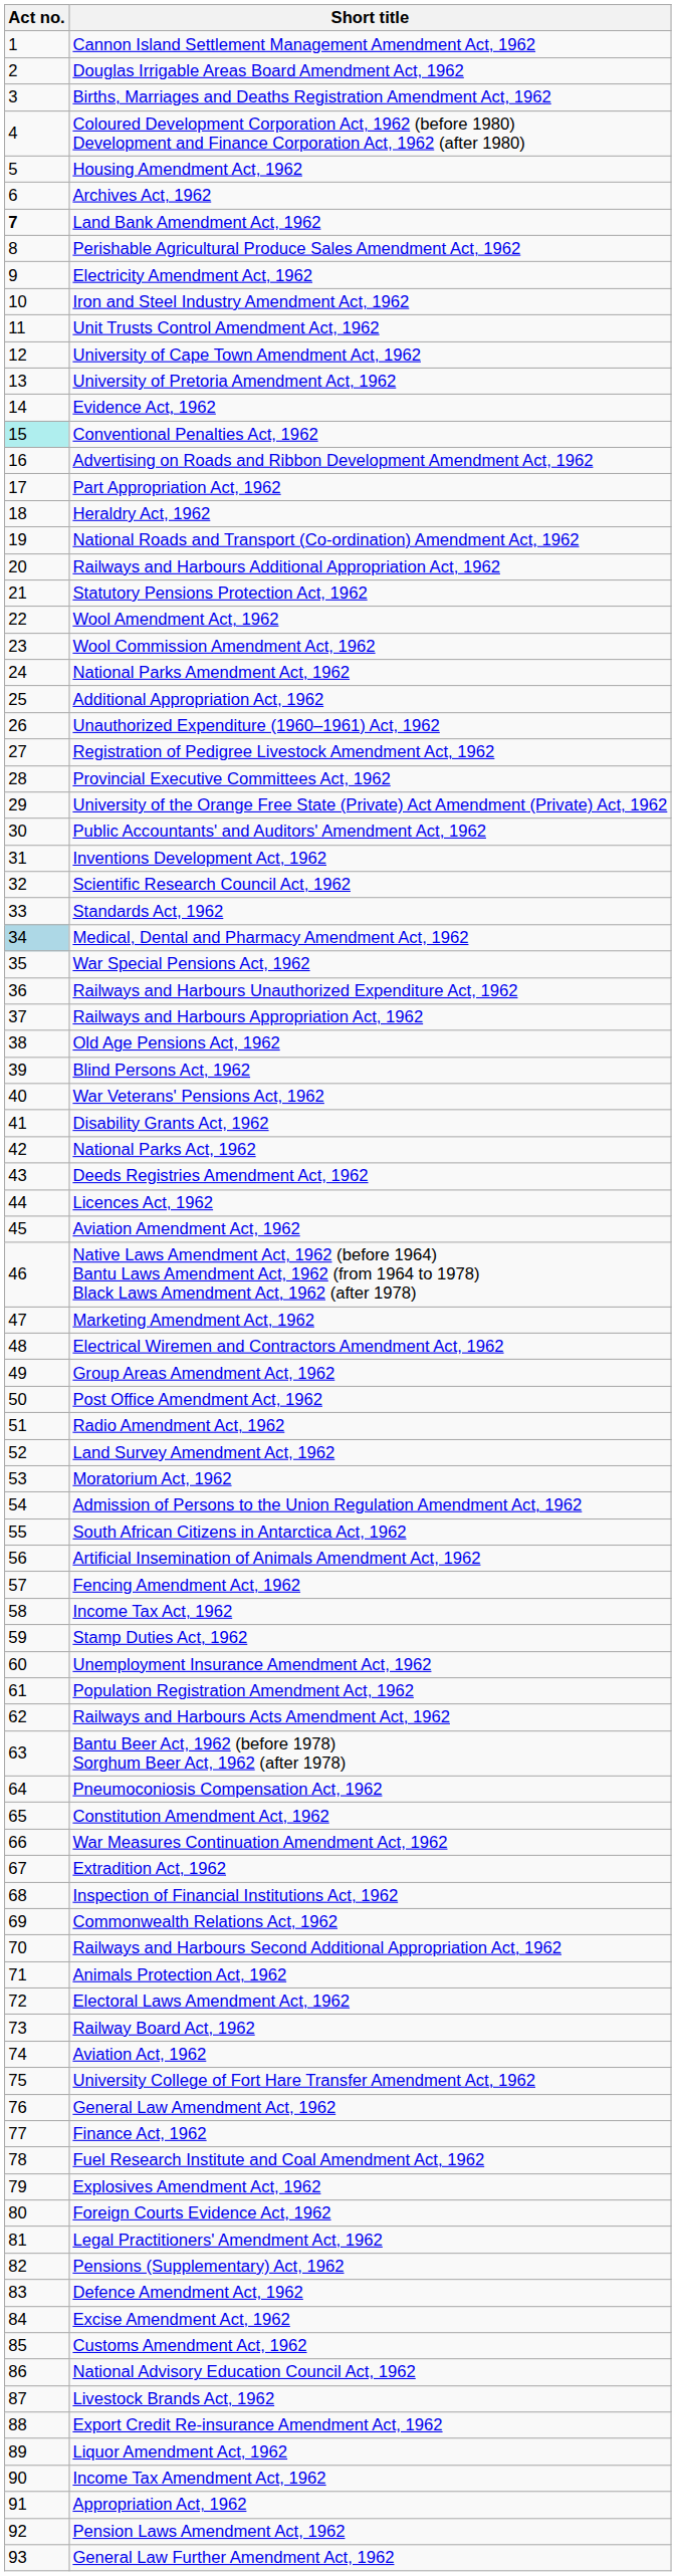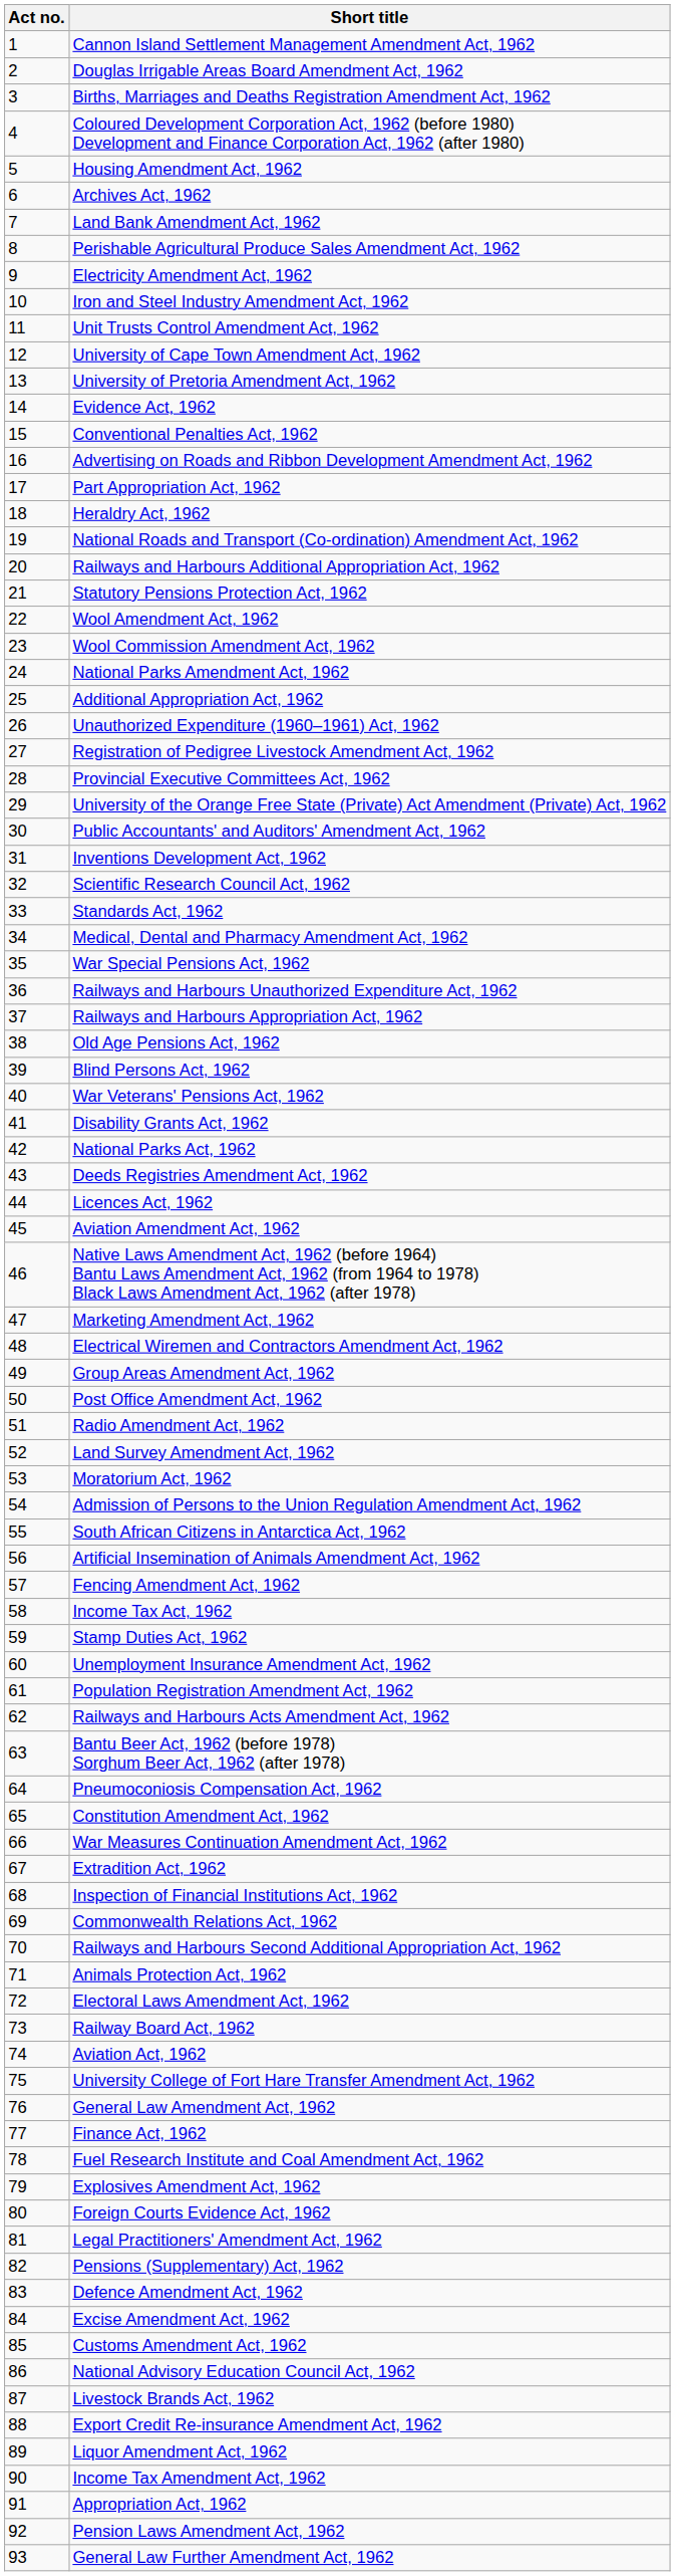 <table class="wikitable sortable">
 <tr>
 <th>Act no.</th>
 <th>Short title</th>
 </tr>
 <tr>
 <td>1</td>
 <td><a href='#'>Cannon Island Settlement Management Amendment Act, 1962</a></td>
 </tr>
 <tr>
 <td>2</td>
 <td><a href='#'>Douglas Irrigable Areas Board Amendment Act, 1962</a></td>
 </tr>
 <tr>
 <td>3</td>
 <td><a href='#'>Births, Marriages and Deaths Registration Amendment Act, 1962</a></td>
 </tr>
 <tr>
 <td>4</td>
 <td><a href='#'>Coloured Development Corporation Act, 1962</a> (before 1980) <br><a href='#'>Development and Finance Corporation Act, 1962</a> (after 1980)</td>
 </tr>
 <tr>
 <td>5</td>
 <td><a href='#'>Housing Amendment Act, 1962</a></td>
 </tr>
 <tr>
 <td>6</td>
 <td><a href='#'>Archives Act, 1962</a></td>
 </tr>
 <tr>
-<td><strong>7</strong></td>
+<td>7</td>
 <td><a href='#'>Land Bank Amendment Act, 1962</a></td>
 </tr>
 <tr>
 <td>8</td>
 <td><a href='#'>Perishable Agricultural Produce Sales Amendment Act, 1962</a></td>
 </tr>
 <tr>
 <td>9</td>
 <td><a href='#'>Electricity Amendment Act, 1962</a></td>
 </tr>
 <tr>
 <td>10</td>
 <td><a href='#'>Iron and Steel Industry Amendment Act, 1962</a></td>
 </tr>
 <tr>
 <td>11</td>
 <td><a href='#'>Unit Trusts Control Amendment Act, 1962</a></td>
 </tr>
 <tr>
 <td>12</td>
 <td><a href='#'>University of Cape Town Amendment Act, 1962</a></td>
 </tr>
 <tr>
 <td>13</td>
 <td><a href='#'>University of Pretoria Amendment Act, 1962</a></td>
 </tr>
 <tr>
 <td>14</td>
 <td><a href='#'>Evidence Act, 1962</a></td>
 </tr>
 <tr>
-<td style="background: paleturquoise;">15</td>
+<td>15</td>
 <td><a href='#'>Conventional Penalties Act, 1962</a></td>
 </tr>
 <tr>
 <td>16</td>
 <td><a href='#'>Advertising on Roads and Ribbon Development Amendment Act, 1962</a></td>
 </tr>
 <tr>
 <td>17</td>
 <td><a href='#'>Part Appropriation Act, 1962</a></td>
 </tr>
 <tr>
 <td>18</td>
 <td><a href='#'>Heraldry Act, 1962</a></td>
 </tr>
 <tr>
 <td>19</td>
 <td><a href='#'>National Roads and Transport (Co-ordination) Amendment Act, 1962</a></td>
 </tr>
 <tr>
 <td>20</td>
 <td><a href='#'>Railways and Harbours Additional Appropriation Act, 1962</a></td>
 </tr>
 <tr>
 <td>21</td>
 <td><a href='#'>Statutory Pensions Protection Act, 1962</a></td>
 </tr>
 <tr>
 <td>22</td>
 <td><a href='#'>Wool Amendment Act, 1962</a></td>
 </tr>
 <tr>
 <td>23</td>
 <td><a href='#'>Wool Commission Amendment Act, 1962</a></td>
 </tr>
 <tr>
 <td>24</td>
 <td><a href='#'>National Parks Amendment Act, 1962</a></td>
 </tr>
 <tr>
 <td>25</td>
 <td><a href='#'>Additional Appropriation Act, 1962</a></td>
 </tr>
 <tr>
 <td>26</td>
 <td><a href='#'>Unauthorized Expenditure (1960–1961) Act, 1962</a></td>
 </tr>
 <tr>
 <td>27</td>
 <td><a href='#'>Registration of Pedigree Livestock Amendment Act, 1962</a></td>
 </tr>
 <tr>
 <td>28</td>
 <td><a href='#'>Provincial Executive Committees Act, 1962</a></td>
 </tr>
 <tr>
 <td>29</td>
 <td><a href='#'>University of the Orange Free State (Private) Act Amendment (Private) Act, 1962</a></td>
 </tr>
 <tr>
 <td>30</td>
 <td><a href='#'>Public Accountants' and Auditors' Amendment Act, 1962</a></td>
 </tr>
 <tr>
 <td>31</td>
 <td><a href='#'>Inventions Development Act, 1962</a></td>
 </tr>
 <tr>
 <td>32</td>
 <td><a href='#'>Scientific Research Council Act, 1962</a></td>
 </tr>
 <tr>
 <td>33</td>
 <td><a href='#'>Standards Act, 1962</a></td>
 </tr>
 <tr>
-<td style="background: lightblue;">34</td>
+<td>34</td>
 <td><a href='#'>Medical, Dental and Pharmacy Amendment Act, 1962</a></td>
 </tr>
 <tr>
 <td>35</td>
 <td><a href='#'>War Special Pensions Act, 1962</a></td>
 </tr>
 <tr>
 <td>36</td>
 <td><a href='#'>Railways and Harbours Unauthorized Expenditure Act, 1962</a></td>
 </tr>
 <tr>
 <td>37</td>
 <td><a href='#'>Railways and Harbours Appropriation Act, 1962</a></td>
 </tr>
 <tr>
 <td>38</td>
 <td><a href='#'>Old Age Pensions Act, 1962</a></td>
 </tr>
 <tr>
 <td>39</td>
 <td><a href='#'>Blind Persons Act, 1962</a></td>
 </tr>
 <tr>
 <td>40</td>
 <td><a href='#'>War Veterans' Pensions Act, 1962</a></td>
 </tr>
 <tr>
 <td>41</td>
 <td><a href='#'>Disability Grants Act, 1962</a></td>
 </tr>
 <tr>
 <td>42</td>
 <td><a href='#'>National Parks Act, 1962</a></td>
 </tr>
 <tr>
 <td>43</td>
 <td><a href='#'>Deeds Registries Amendment Act, 1962</a></td>
 </tr>
 <tr>
 <td>44</td>
 <td><a href='#'>Licences Act, 1962</a></td>
 </tr>
 <tr>
 <td>45</td>
 <td><a href='#'>Aviation Amendment Act, 1962</a></td>
 </tr>
 <tr>
 <td>46</td>
 <td><a href='#'>Native Laws Amendment Act, 1962</a> (before 1964) <br><a href='#'>Bantu Laws Amendment Act, 1962</a> (from 1964 to 1978) <br><a href='#'>Black Laws Amendment Act, 1962</a> (after 1978)</td>
 </tr>
 <tr>
 <td>47</td>
 <td><a href='#'>Marketing Amendment Act, 1962</a></td>
 </tr>
 <tr>
 <td>48</td>
 <td><a href='#'>Electrical Wiremen and Contractors Amendment Act, 1962</a></td>
 </tr>
 <tr>
 <td>49</td>
 <td><a href='#'>Group Areas Amendment Act, 1962</a></td>
 </tr>
 <tr>
 <td>50</td>
 <td><a href='#'>Post Office Amendment Act, 1962</a></td>
 </tr>
 <tr>
 <td>51</td>
 <td><a href='#'>Radio Amendment Act, 1962</a></td>
 </tr>
 <tr>
 <td>52</td>
 <td><a href='#'>Land Survey Amendment Act, 1962</a></td>
 </tr>
 <tr>
 <td>53</td>
 <td><a href='#'>Moratorium Act, 1962</a></td>
 </tr>
 <tr>
 <td>54</td>
 <td><a href='#'>Admission of Persons to the Union Regulation Amendment Act, 1962</a></td>
 </tr>
 <tr>
 <td>55</td>
 <td><a href='#'>South African Citizens in Antarctica Act, 1962</a></td>
 </tr>
 <tr>
 <td>56</td>
 <td><a href='#'>Artificial Insemination of Animals Amendment Act, 1962</a></td>
 </tr>
 <tr>
 <td>57</td>
 <td><a href='#'>Fencing Amendment Act, 1962</a></td>
 </tr>
 <tr>
 <td>58</td>
 <td><a href='#'>Income Tax Act, 1962</a></td>
 </tr>
 <tr>
 <td>59</td>
 <td><a href='#'>Stamp Duties Act, 1962</a></td>
 </tr>
 <tr>
 <td>60</td>
 <td><a href='#'>Unemployment Insurance Amendment Act, 1962</a></td>
 </tr>
 <tr>
 <td>61</td>
 <td><a href='#'>Population Registration Amendment Act, 1962</a></td>
 </tr>
 <tr>
 <td>62</td>
 <td><a href='#'>Railways and Harbours Acts Amendment Act, 1962</a></td>
 </tr>
 <tr>
 <td>63</td>
 <td><a href='#'>Bantu Beer Act, 1962</a> (before 1978) <br><a href='#'>Sorghum Beer Act, 1962</a> (after 1978)</td>
 </tr>
 <tr>
 <td>64</td>
 <td><a href='#'>Pneumoconiosis Compensation Act, 1962</a></td>
 </tr>
 <tr>
 <td>65</td>
 <td><a href='#'>Constitution Amendment Act, 1962</a></td>
 </tr>
 <tr>
 <td>66</td>
 <td><a href='#'>War Measures Continuation Amendment Act, 1962</a></td>
 </tr>
 <tr>
 <td>67</td>
 <td><a href='#'>Extradition Act, 1962</a></td>
 </tr>
 <tr>
 <td>68</td>
 <td><a href='#'>Inspection of Financial Institutions Act, 1962</a></td>
 </tr>
 <tr>
 <td>69</td>
 <td><a href='#'>Commonwealth Relations Act, 1962</a></td>
 </tr>
 <tr>
 <td>70</td>
 <td><a href='#'>Railways and Harbours Second Additional Appropriation Act, 1962</a></td>
 </tr>
 <tr>
 <td>71</td>
 <td><a href='#'>Animals Protection Act, 1962</a></td>
 </tr>
 <tr>
 <td>72</td>
 <td><a href='#'>Electoral Laws Amendment Act, 1962</a></td>
 </tr>
 <tr>
 <td>73</td>
 <td><a href='#'>Railway Board Act, 1962</a></td>
 </tr>
 <tr>
 <td>74</td>
 <td><a href='#'>Aviation Act, 1962</a></td>
 </tr>
 <tr>
 <td>75</td>
 <td><a href='#'>University College of Fort Hare Transfer Amendment Act, 1962</a></td>
 </tr>
 <tr>
 <td>76</td>
 <td><a href='#'>General Law Amendment Act, 1962</a></td>
 </tr>
 <tr>
 <td>77</td>
 <td><a href='#'>Finance Act, 1962</a></td>
 </tr>
 <tr>
 <td>78</td>
 <td><a href='#'>Fuel Research Institute and Coal Amendment Act, 1962</a></td>
 </tr>
 <tr>
 <td>79</td>
 <td><a href='#'>Explosives Amendment Act, 1962</a></td>
 </tr>
 <tr>
 <td>80</td>
 <td><a href='#'>Foreign Courts Evidence Act, 1962</a></td>
 </tr>
 <tr>
 <td>81</td>
 <td><a href='#'>Legal Practitioners' Amendment Act, 1962</a></td>
 </tr>
 <tr>
 <td>82</td>
 <td><a href='#'>Pensions (Supplementary) Act, 1962</a></td>
 </tr>
 <tr>
 <td>83</td>
 <td><a href='#'>Defence Amendment Act, 1962</a></td>
 </tr>
 <tr>
 <td>84</td>
 <td><a href='#'>Excise Amendment Act, 1962</a></td>
 </tr>
 <tr>
 <td>85</td>
 <td><a href='#'>Customs Amendment Act, 1962</a></td>
 </tr>
 <tr>
 <td>86</td>
 <td><a href='#'>National Advisory Education Council Act, 1962</a></td>
 </tr>
 <tr>
 <td>87</td>
 <td><a href='#'>Livestock Brands Act, 1962</a></td>
 </tr>
 <tr>
 <td>88</td>
 <td><a href='#'>Export Credit Re-insurance Amendment Act, 1962</a></td>
 </tr>
 <tr>
 <td>89</td>
 <td><a href='#'>Liquor Amendment Act, 1962</a></td>
 </tr>
 <tr>
 <td>90</td>
 <td><a href='#'>Income Tax Amendment Act, 1962</a></td>
 </tr>
 <tr>
 <td>91</td>
 <td><a href='#'>Appropriation Act, 1962</a></td>
 </tr>
 <tr>
 <td>92</td>
 <td><a href='#'>Pension Laws Amendment Act, 1962</a></td>
 </tr>
 <tr>
 <td>93</td>
 <td><a href='#'>General Law Further Amendment Act, 1962</a></td>
 </tr>
 </table>
